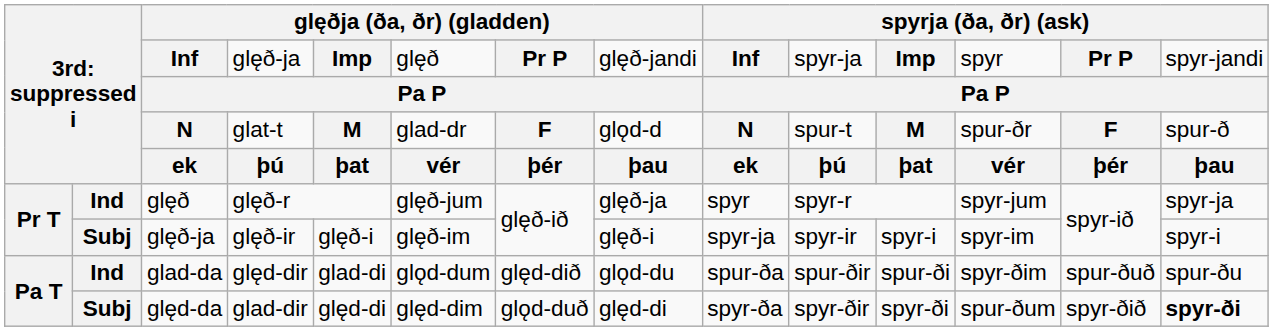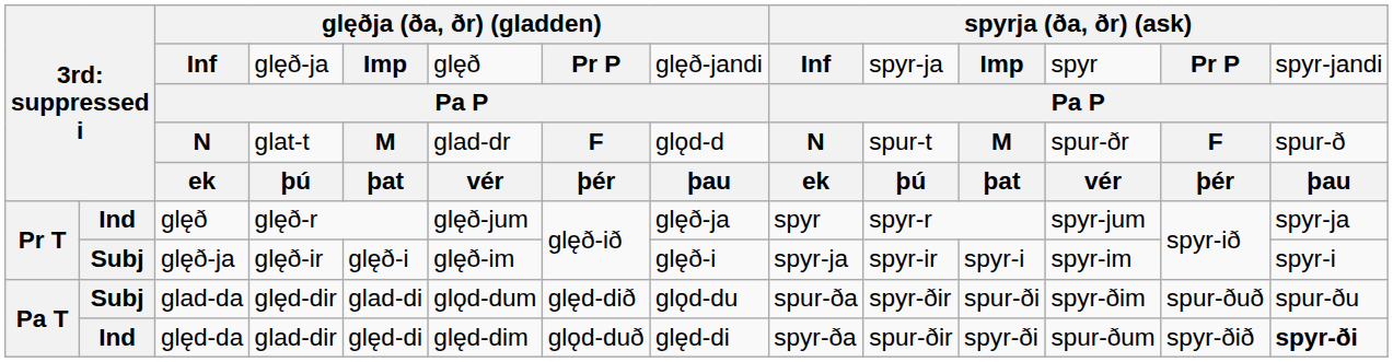 <table class="wikitable" border="1">
 <tr>
 <th rowspan="5" colspan="2">3rd: <br> suppressed <br> i</th>
 <th colspan="6">glęðja (ða, ðr) (gladden)</th>
 <th colspan="6">spyrja (ða, ðr) (ask)</th>
 </tr>
 <tr>
 <th>Inf</th>
 <td>glęð-ja</td>
 <th>Imp</th>
 <td>glęð</td>
 <th>Pr P</th>
 <td>glęð-jandi</td>
 <th>Inf</th>
 <td>spyr-ja</td>
 <th>Imp</th>
 <td>spyr</td>
 <th>Pr P</th>
 <td>spyr-jandi</td>
 </tr>
 <tr>
 <th colspan="6">Pa P</th>
 <th colspan="6">Pa P</th>
 </tr>
 <tr>
 <th>N</th>
 <td>glat⁠-t</td>
 <th>M</th>
 <td>glad⁠-dr</td>
 <th>F</th>
 <td>glǫd⁠-d</td>
 <th>N</th>
 <td>spur⁠-t</td>
 <th>M</th>
 <td>spur⁠-ðr</td>
 <th>F</th>
 <td>spur⁠-ð</td>
 </tr>
 <tr>
 <th>ek</th>
 <th>þú</th>
 <th>þat</th>
 <th>vér</th>
 <th>þér</th>
 <th>þau</th>
 <th>ek</th>
 <th>þú</th>
 <th>þat</th>
 <th>vér</th>
 <th>þér</th>
 <th>þau</th>
 </tr>
 <tr>
 <th rowspan="2">Pr T</th>
 <th>Ind</th>
 <td>glęð</td>
 <td colspan="2">glęð⁠-r</td>
 <td>glęð-⁠jum</td>
 <td rowspan="2">glęð⁠-ið</td>
 <td>glęð⁠-ja</td>
 <td>spyr</td>
 <td colspan="2">spyr⁠-r</td>
 <td>spyr-⁠jum</td>
 <td rowspan="2">spyr⁠-ið</td>
 <td>spyr⁠-ja</td>
 </tr>
 <tr>
 <th>Subj</th>
 <td>glęð⁠-ja</td>
 <td>glęð⁠-ir</td>
 <td>glęð⁠-i</td>
 <td>glęð⁠-im</td>
 <td>glęð⁠-i</td>
 <td>spyr⁠-ja</td>
 <td>spyr⁠-ir</td>
 <td>spyr⁠-i</td>
 <td>spyr⁠-im</td>
 <td>spyr⁠-i</td>
 </tr>
 <tr>
 <th rowspan="2">Pa T</th>
-<th>Ind</th>
+<th>Subj</th>
 <td>glad-da</td>
 <td>ględ-dir</td>
 <td>glad⁠-di</td>
 <td>glǫd-dum</td>
 <td>ględ-dið</td>
 <td>glǫd⁠-du</td>
 <td>spur-ða</td>
-<td>spur-ðir</td>
+<td>spyr-ðir</td>
 <td>spur⁠-ði</td>
 <td>spyr-ðim</td>
 <td>spur-ðuð</td>
 <td>spur⁠-ðu</td>
 </tr>
 <tr>
-<th>Subj</th>
+<th>Ind</th>
 <td>ględ-da</td>
 <td>glad-dir</td>
 <td>ględ⁠-di</td>
 <td>ględ-dim</td>
 <td>glǫd-duð</td>
 <td>ględ⁠-di</td>
 <td>spyr-ða</td>
-<td>spyr-ðir</td>
+<td>spur-ðir</td>
 <td>spyr⁠-ði</td>
 <td>spur-ðum</td>
 <td>spyr-ðið</td>
 <td><strong>spyr⁠-ði</strong></td>
 </tr>
 </table>
